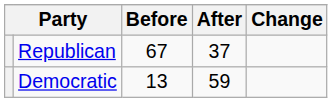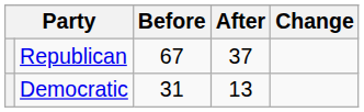 <table class="wikitable" style="text-align:center;">
 <tr>
 </tr>
 <tr>
 <th colspan=2>Party</th>
 <th>Before</th>
 <th>After</th>
 <th>Change</th>
 </tr>
 <tr>
 <th style="background-color:"></th>
 <td style="text-align:left;"><a href='#'>Republican</a></td>
 <td>67</td>
 <td>37</td>
 <td></td>
 </tr>
 <tr>
 <th style="background-color:"></th>
 <td style="text-align:left;"><a href='#'>Democratic</a></td>
+<td>31</td>
 <td>13</td>
-<td>59</td>
 <td></td>
 </tr>
 </table>
